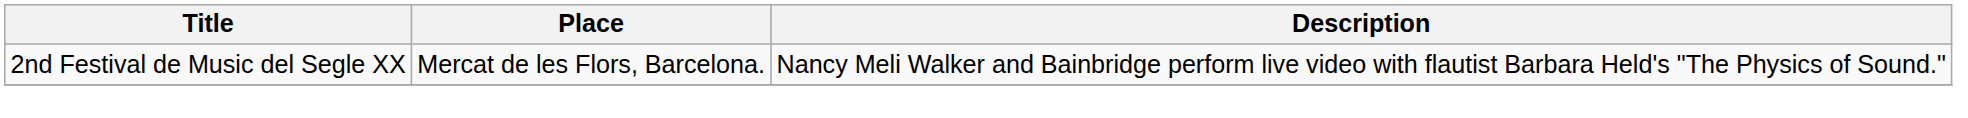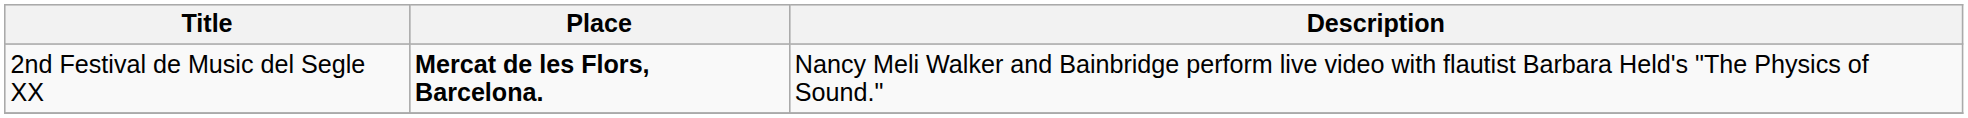 <table class="wikitable">
 <tr>
 <th>Title</th>
 <th>Place</th>
 <th>Description</th>
 </tr>
 <tr>
 <td>2nd Festival de Music del Segle XX</td>
-<td>Mercat de les Flors, Barcelona.</td>
+<td><strong>Mercat de les Flors, Barcelona.</strong></td>
 <td>Nancy Meli Walker and Bainbridge perform live video with flautist Barbara Held's "The Physics of Sound."</td>
 </tr>
 <tr>
 </tr>
 </table>
